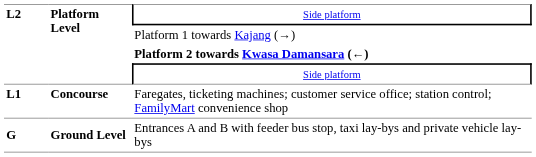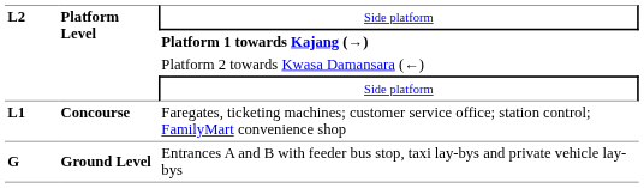 <table table border=0 cellspacing=0 cellpadding=3>
 <tr>
 <td style="border-top:solid 1px gray;border-bottom:solid 1px gray;" rowspan=4 width=50 valign=top><strong>L2</strong></td>
 <td style="border-top:solid 1px gray;border-bottom:solid 1px gray;" rowspan=4 width=100 valign=top><strong>Platform Level</strong></td>
 <td style="border-top:solid 1px gray;border-right:solid 2px black;border-left:solid 2px black;border-bottom:solid 2px black;text-align:center;"><small><a href='#'>Side platform</a></small></td>
 </tr>
 <tr>
-<td width=500>Platform 1   towards  <a href='#'>Kajang</a> (→)</td>
+<td width=500><strong>Platform 1   towards  <a href='#'>Kajang</a> (→)</strong></td>
 </tr>
 <tr>
-<td width=500><strong>Platform 2   towards  <a href='#'>Kwasa Damansara</a> (←)</strong></td>
+<td width=500>Platform 2   towards  <a href='#'>Kwasa Damansara</a> (←)</td>
 </tr>
 <tr>
 <td style="width=500;border-top:solid 2px black;border-right:solid 2px black;border-left:solid 2px black;border-bottom:solid 1px gray;text-align:center;"><small><a href='#'>Side platform</a></small></td>
 </tr>
 <tr style="vertical-align:top;">
 <td style="border-bottom:solid 1px gray; "><strong>L1</strong></td>
 <td style="border-bottom:solid 1px gray; "><strong>Concourse</strong></td>
 <td style="border-bottom:solid 1px gray; " width=500>Faregates, ticketing machines; customer service office; station control; <a href='#'>FamilyMart</a> convenience shop</td>
 </tr>
 <tr>
 <td style="border-bottom:solid 1px gray; "><strong>G</strong></td>
 <td style="border-bottom:solid 1px gray; "><strong>Ground Level</strong></td>
 <td style="border-bottom:solid 1px gray; ">Entrances A and B with feeder bus stop, taxi lay-bys and private vehicle lay-bys</td>
 </tr>
 </table>
